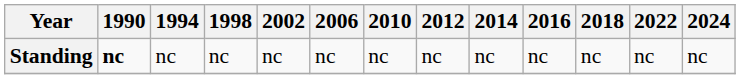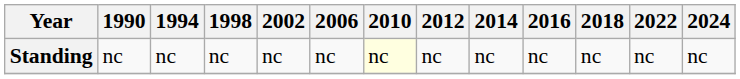 <table class="wikitable">
 <tr>
 <th>Year</th>
 <th>1990</th>
 <th>1994</th>
 <th>1998</th>
 <th>2002</th>
 <th>2006</th>
 <th>2010</th>
 <th>2012</th>
 <th>2014</th>
 <th>2016</th>
 <th>2018</th>
 <th>2022</th>
 <th>2024</th>
 </tr>
 <tr>
 <th>Standing</th>
-<td><strong>nc</strong></td>
 <td>nc</td>
 <td>nc</td>
 <td>nc</td>
 <td>nc</td>
 <td>nc</td>
+<td style="background: lightyellow;">nc</td>
 <td>nc</td>
 <td>nc</td>
 <td>nc</td>
 <td>nc</td>
 <td>nc</td>
 <td>nc</td>
 </tr>
 <tr>
 </tr>
 </table>
